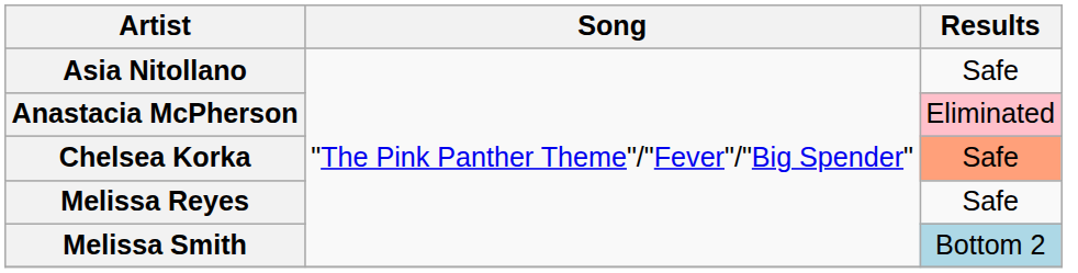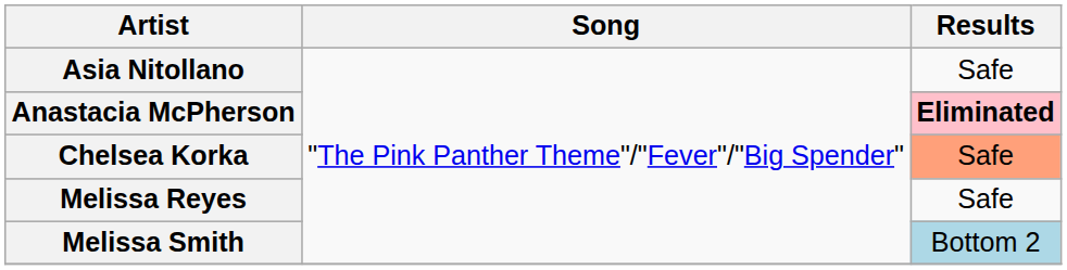 <table class="wikitable plainrowheaders" style="text-align:center;">
 <tr>
 <th scope="col">Artist</th>
 <th scope="col">Song</th>
 <th scope="col">Results</th>
 </tr>
 <tr>
 <th scope="row">Asia Nitollano</th>
 <td rowspan="5">"<a href='#'>The Pink Panther Theme</a>"/"<a href='#'>Fever</a>"/"<a href='#'>Big Spender</a>"</td>
 <td>Safe</td>
 </tr>
 <tr>
 <th scope="row">Anastacia McPherson</th>
-<td style="background:pink;">Eliminated</td>
+<td style="background:pink;"><strong>Eliminated</strong></td>
 </tr>
 <tr>
 <th scope="row">Chelsea Korka</th>
 <td style="background: lightsalmon;">Safe</td>
 </tr>
 <tr>
 <th scope="row">Melissa Reyes</th>
 <td>Safe</td>
 </tr>
 <tr>
 <th scope="row">Melissa Smith</th>
 <td style="background:lightblue;">Bottom 2</td>
 </tr>
 <tr>
 </tr>
 </table>
